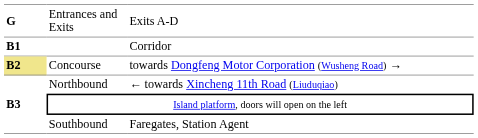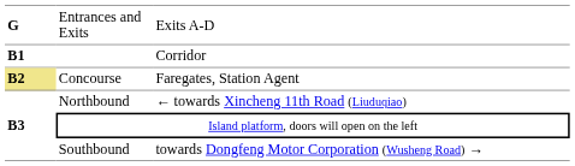 <table table border=0 cellspacing=0 cellpadding=3>
 <tr>
 <td style="border-top:solid 1px gray;border-bottom:solid 1px gray;" width=50><strong>G</strong></td>
 <td style="border-top:solid 1px gray;border-bottom:solid 1px gray;" width=100>Entrances and Exits</td>
 <td style="border-top:solid 1px gray;border-bottom:solid 1px gray;" width=450>Exits A-D</td>
 </tr>
 <tr>
 <td style="border-top:solid 0px gray;border-bottom:solid 1px gray;" width=50><strong>B1</strong></td>
 <td style="border-top:solid 0px gray;border-bottom:solid 1px gray;" width=100></td>
 <td style="border-top:solid 0px gray;border-bottom:solid 1px gray;" width=450>Corridor</td>
 </tr>
 <tr>
 <td style="background: khaki; border-top:solid 0px gray;border-bottom:solid 1px gray;" width=50><strong>B2</strong></td>
 <td style="border-top:solid 0px gray;border-bottom:solid 1px gray;" width=100>Concourse</td>
-<td style="border-bottom:solid 1px gray;"> towards <a href='#'>Dongfeng Motor Corporation</a> <small>(<a href='#'>Wusheng Road</a>)</small> →</td>
+<td style="border-top:solid 0px gray;border-bottom:solid 1px gray;" width=450>Faregates, Station Agent</td>
 </tr>
 <tr>
 <td style="border-bottom:solid 1px gray;" rowspan=3><strong>B3</strong></td>
 <td>Northbound</td>
 <td>←  towards <a href='#'>Xincheng 11th Road</a> <small>(<a href='#'>Liuduqiao</a>)</small></td>
 </tr>
 <tr>
 <td style="border-right:solid 2px black;border-left:solid 2px black;border-top:solid 2px black;border-bottom:solid 2px black;text-align:center;" colspan=2><small><a href='#'>Island platform</a>, doors will open on the left</small></td>
 </tr>
 <tr>
 <td style="border-bottom:solid 1px gray;">Southbound</td>
-<td style="border-top:solid 0px gray;border-bottom:solid 1px gray;" width=450>Faregates, Station Agent</td>
+<td style="border-bottom:solid 1px gray;"> towards <a href='#'>Dongfeng Motor Corporation</a> <small>(<a href='#'>Wusheng Road</a>)</small> →</td>
 </tr>
 </table>
